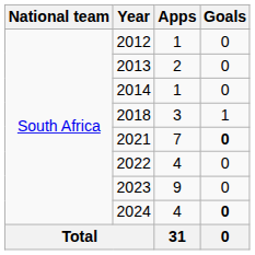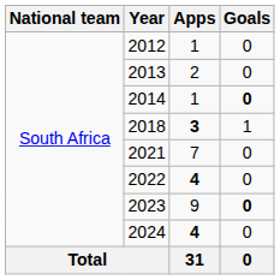 <table class=wikitable style=text-align:center>
 <tr>
 <th>National team</th>
 <th>Year</th>
 <th>Apps</th>
 <th>Goals</th>
 </tr>
 <tr>
 <td rowspan="8"><a href='#'>South Africa</a></td>
 <td>2012</td>
 <td>1</td>
 <td>0</td>
 </tr>
 <tr>
 <td>2013</td>
 <td>2</td>
 <td>0</td>
 </tr>
 <tr>
 <td>2014</td>
 <td>1</td>
-<td>0</td>
+<td><strong>0</strong></td>
 </tr>
 <tr>
 <td>2018</td>
-<td>3</td>
+<td><strong>3</strong></td>
 <td>1</td>
 </tr>
 <tr>
 <td>2021</td>
 <td>7</td>
-<td><strong>0</strong></td>
+<td>0</td>
 </tr>
 <tr>
 <td>2022</td>
-<td>4</td>
+<td><strong>4</strong></td>
 <td>0</td>
 </tr>
 <tr>
 <td>2023</td>
 <td>9</td>
-<td>0</td>
+<td><strong>0</strong></td>
 </tr>
 <tr>
 <td>2024</td>
-<td>4</td>
-<td><strong>0</strong></td>
+<td><strong>4</strong></td>
+<td>0</td>
 </tr>
 <tr>
 <th colspan=2>Total</th>
 <th>31</th>
 <th>0</th>
 </tr>
 </table>
